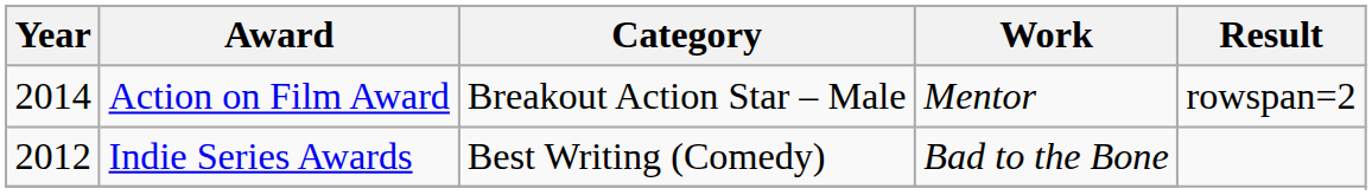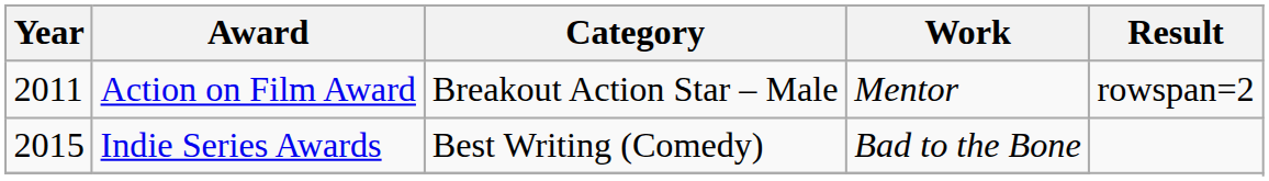 <table class="wikitable sortable">
 <tr>
 <th>Year</th>
 <th>Award</th>
 <th>Category</th>
 <th>Work</th>
 <th>Result</th>
 </tr>
 <tr>
-<td>2014</td>
+<td>2011</td>
 <td><a href='#'>Action on Film Award</a></td>
 <td>Breakout Action Star – Male</td>
 <td><em>Mentor</em></td>
 <td>rowspan=2 </td>
 </tr>
 <tr>
-<td>2012</td>
+<td>2015</td>
 <td><a href='#'>Indie Series Awards</a></td>
 <td>Best Writing (Comedy)</td>
 <td><em>Bad to the Bone</em></td>
 </tr>
 <tr>
 </tr>
 </table>
